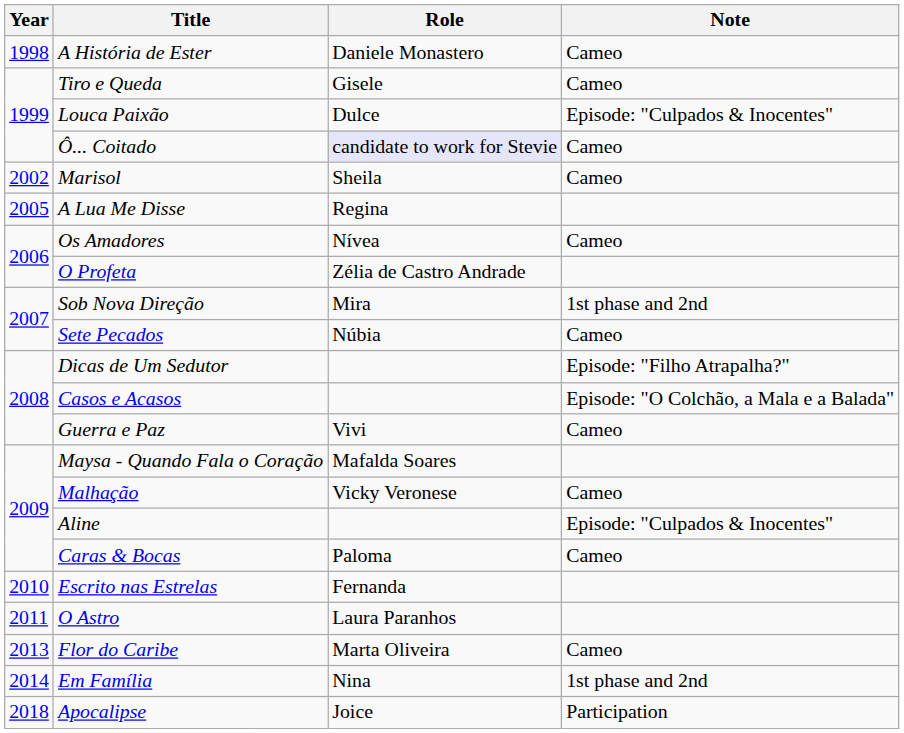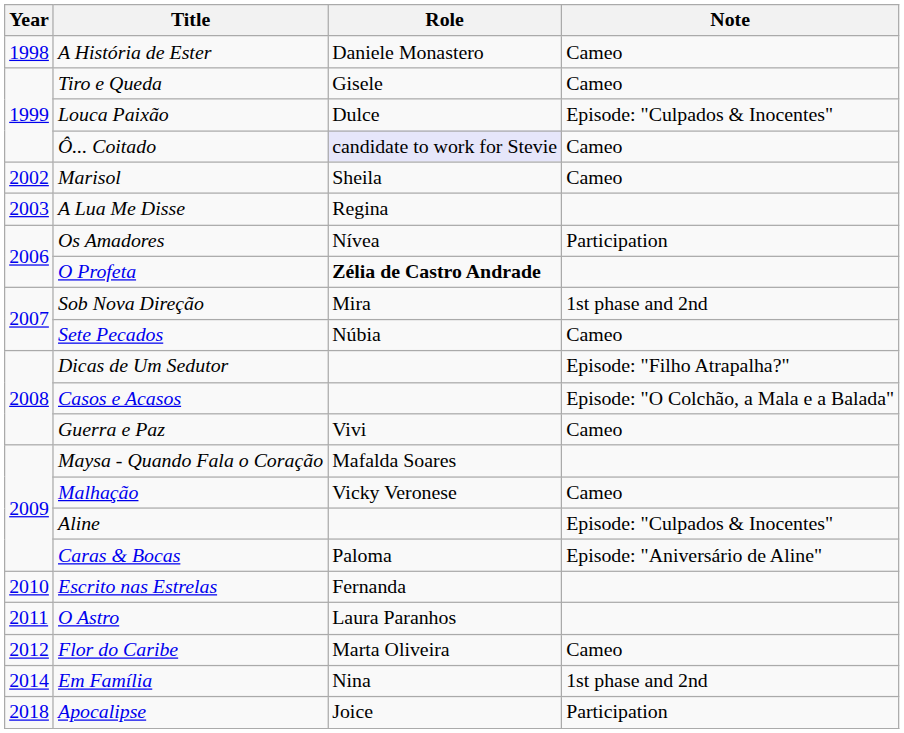 <table class="wikitable">
 <tr>
 <th>Year</th>
 <th>Title</th>
 <th>Role</th>
 <th>Note</th>
 </tr>
 <tr Kim en Johan>
 <td><a href='#'>1998</a></td>
 <td><em>A História de Ester</em></td>
 <td>Daniele Monastero</td>
 <td>Cameo</td>
 </tr>
 <tr>
 <td rowspan="3"><a href='#'>1999</a></td>
 <td><em>Tiro e Queda</em></td>
 <td>Gisele</td>
 <td>Cameo</td>
 </tr>
 <tr>
 <td><em>Louca Paixão</em></td>
 <td>Dulce</td>
 <td>Episode: "Culpados & Inocentes"</td>
 </tr>
 <tr>
 <td><em>Ô... Coitado</em></td>
 <td style="background: lavender;">candidate to work for Stevie</td>
 <td>Cameo</td>
 </tr>
 <tr>
 <td><a href='#'>2002</a></td>
 <td><em>Marisol</em></td>
 <td>Sheila</td>
 <td>Cameo</td>
 </tr>
 <tr>
-<td><a href='#'>2005</a></td>
+<td><a href='#'>2003</a></td>
 <td><em>A Lua Me Disse</em></td>
 <td>Regina</td>
 <td></td>
 </tr>
 <tr>
 <td rowspan="2"><a href='#'>2006</a></td>
 <td><em>Os Amadores</em></td>
 <td>Nívea</td>
-<td>Cameo</td>
+<td>Participation</td>
 </tr>
 <tr>
 <td><em><a href='#'>O Profeta</a></em></td>
-<td>Zélia de Castro Andrade</td>
+<td><strong>Zélia de Castro Andrade</strong></td>
 <td></td>
 </tr>
 <tr>
 <td rowspan="2"><a href='#'>2007</a></td>
 <td><em>Sob Nova Direção</em></td>
 <td>Mira</td>
 <td>1st phase and 2nd</td>
 </tr>
 <tr>
 <td><em><a href='#'>Sete Pecados</a></em></td>
 <td>Núbia</td>
 <td>Cameo</td>
 </tr>
 <tr>
 <td rowspan="3"><a href='#'>2008</a></td>
 <td><em>Dicas de Um Sedutor</em></td>
 <td></td>
 <td>Episode: "Filho Atrapalha?"</td>
 </tr>
 <tr>
 <td><em><a href='#'>Casos e Acasos</a></em></td>
 <td></td>
 <td>Episode: "O Colchão, a Mala e a Balada"</td>
 </tr>
 <tr>
 <td><em>Guerra e Paz</em></td>
 <td>Vivi</td>
 <td>Cameo</td>
 </tr>
 <tr>
 <td rowspan="4"><a href='#'>2009</a></td>
 <td><em>Maysa - Quando Fala o Coração</em></td>
 <td>Mafalda Soares</td>
 <td></td>
 </tr>
 <tr>
 <td><em><a href='#'>Malhação</a></em></td>
 <td>Vicky Veronese</td>
 <td>Cameo</td>
 </tr>
 <tr>
 <td><em>Aline</em></td>
 <td></td>
 <td>Episode: "Culpados & Inocentes"</td>
 </tr>
 <tr>
 <td><em><a href='#'>Caras & Bocas</a></em></td>
 <td>Paloma</td>
-<td>Cameo</td>
+<td>Episode: "Aniversário de Aline"</td>
 </tr>
 <tr>
 <td><a href='#'>2010</a></td>
 <td><em><a href='#'>Escrito nas Estrelas</a></em></td>
 <td>Fernanda</td>
 <td></td>
 </tr>
 <tr>
 <td><a href='#'>2011</a></td>
 <td><em><a href='#'>O Astro</a></em></td>
 <td>Laura Paranhos</td>
 <td></td>
 </tr>
 <tr>
-<td><a href='#'>2013</a></td>
+<td><a href='#'>2012</a></td>
 <td><em><a href='#'>Flor do Caribe</a></em></td>
 <td>Marta Oliveira</td>
 <td>Cameo</td>
 </tr>
 <tr>
 <td><a href='#'>2014</a></td>
 <td><em><a href='#'>Em Família</a></em></td>
 <td>Nina</td>
 <td>1st phase and 2nd</td>
 </tr>
 <tr>
 <td><a href='#'>2018</a></td>
 <td><em><a href='#'>Apocalipse</a></em></td>
 <td>Joice</td>
 <td>Participation</td>
 </tr>
 <tr>
 </tr>
 </table>
